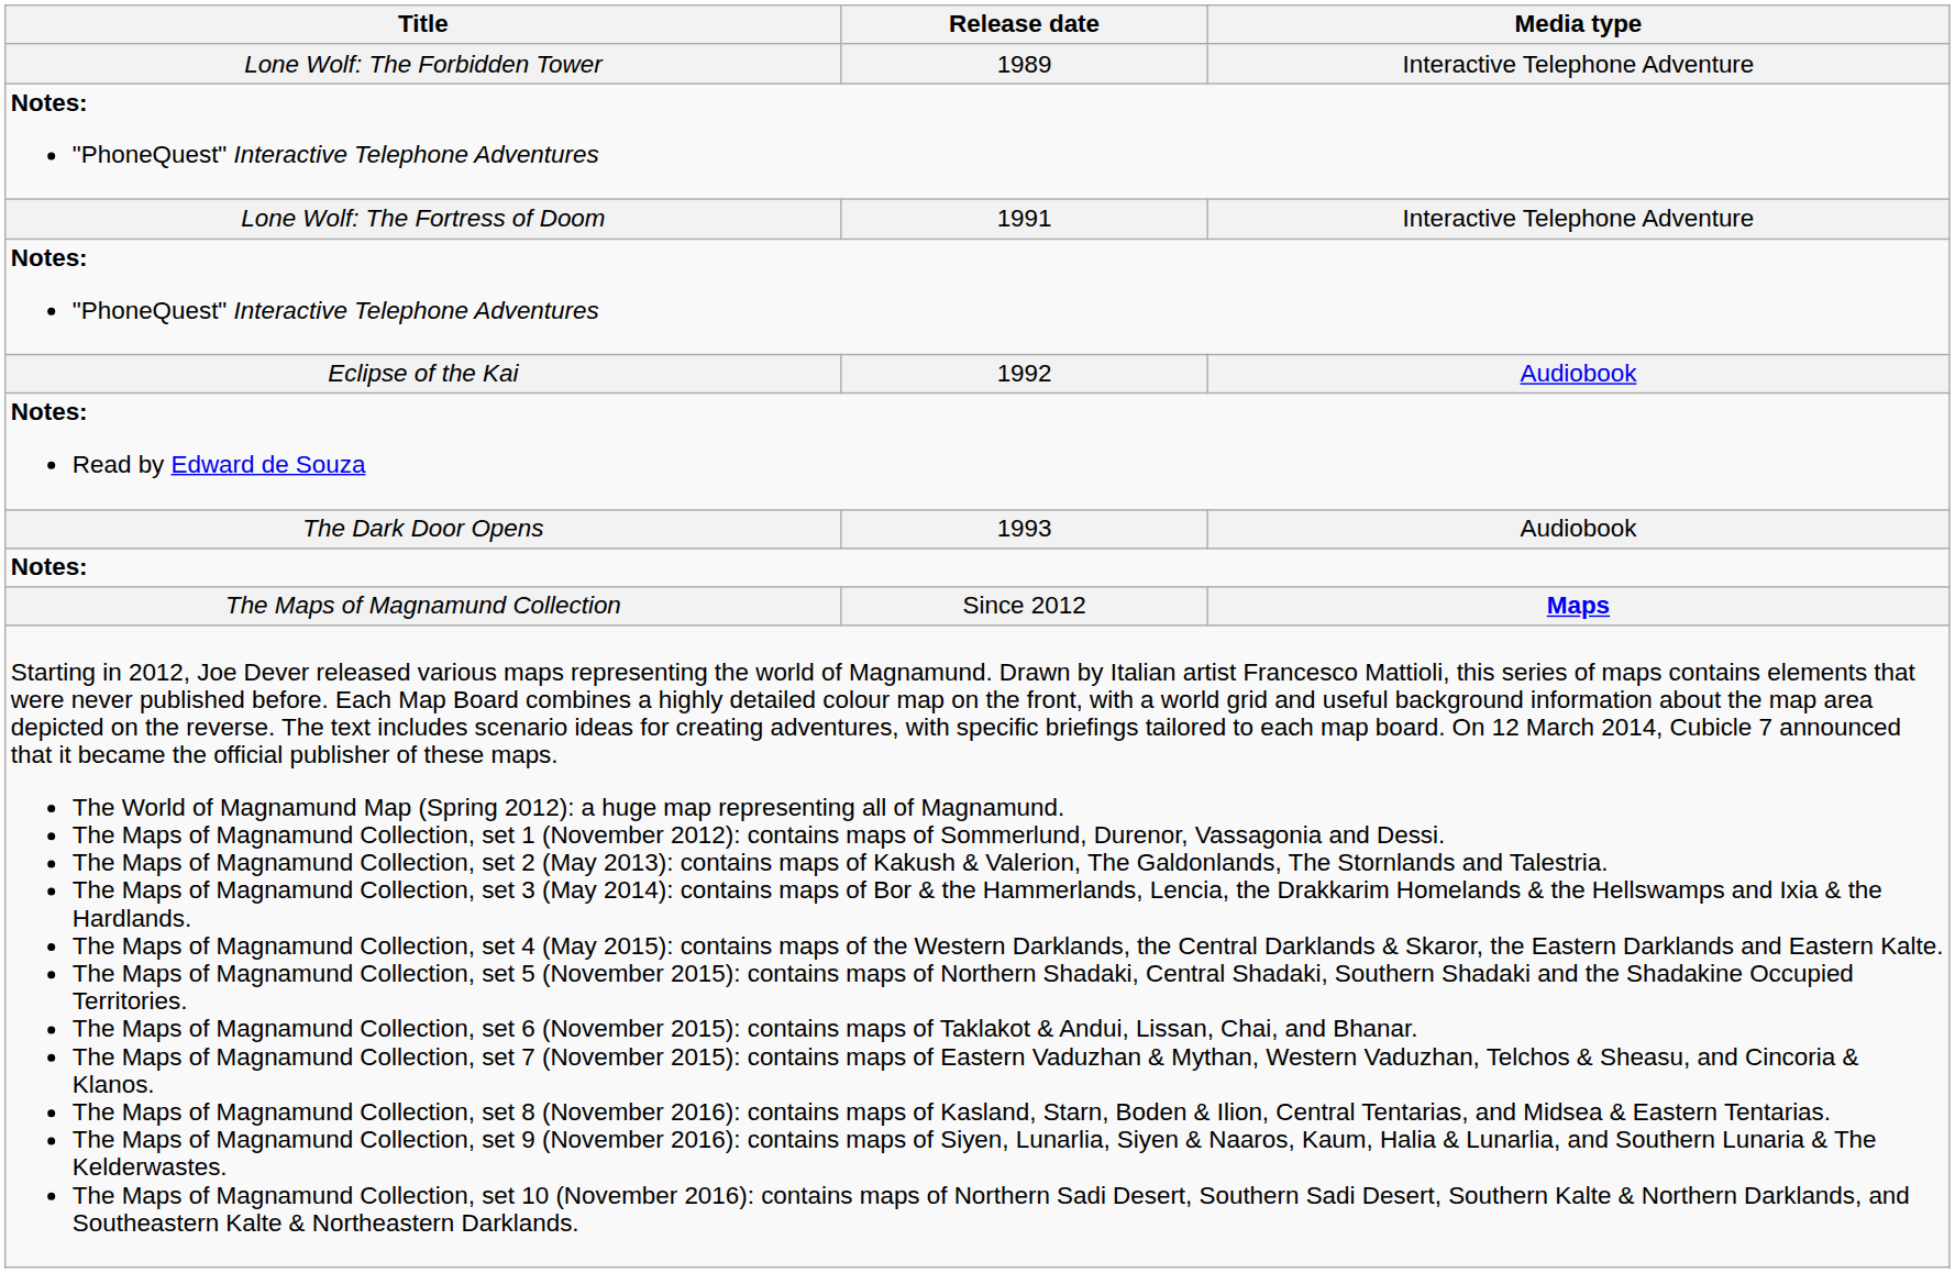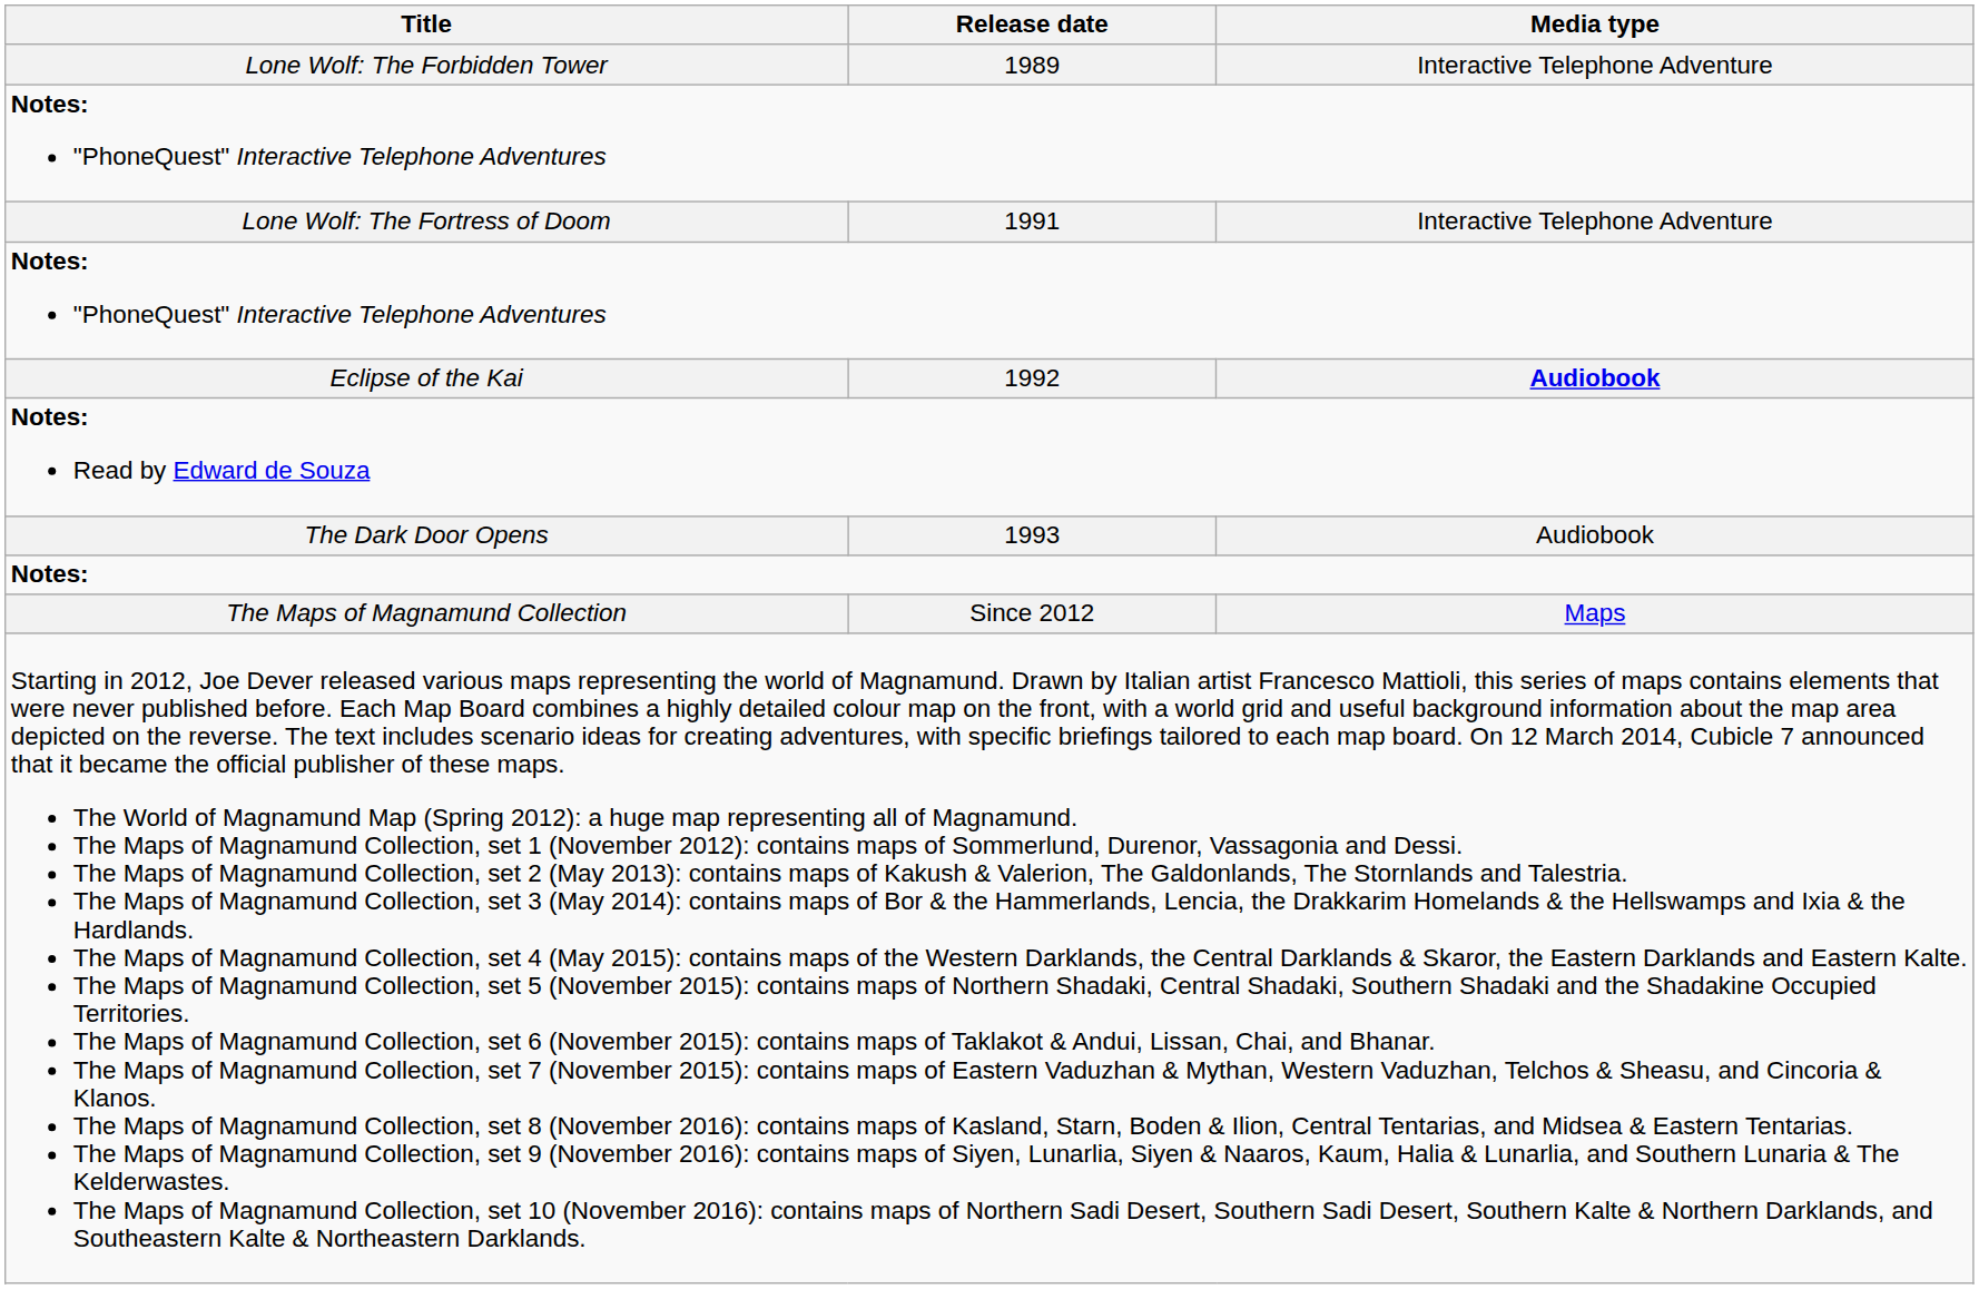 <table class="wikitable" width="100%">
 <tr style="text-align: center;">
 <th>Title</th>
 <th>Release date</th>
 <th>Media type</th>
 </tr>
 <tr bgcolor="#F2F2F2" align="center">
 <td><em>Lone Wolf: The Forbidden Tower</em></td>
 <td>1989</td>
 <td>Interactive Telephone Adventure</td>
 </tr>
 <tr>
 <td colspan="3" style="border: none; vertical-align: top;"><strong>Notes:</strong><br><ul><li>"PhoneQuest" <em>Interactive Telephone Adventures</em></li></ul></td>
 </tr>
 <tr bgcolor="#F2F2F2" align="center">
 <td><em>Lone Wolf: The Fortress of Doom</em></td>
 <td>1991</td>
 <td>Interactive Telephone Adventure</td>
 </tr>
 <tr>
 <td colspan="3" style="border: none; vertical-align: top;"><strong>Notes:</strong><br><ul><li>"PhoneQuest" <em>Interactive Telephone Adventures</em></li></ul></td>
 </tr>
 <tr bgcolor="#F2F2F2" align="center">
 <td><em>Eclipse of the Kai</em></td>
 <td>1992</td>
-<td><a href='#'>Audiobook</a></td>
+<td><strong><a href='#'>Audiobook</a></strong></td>
 </tr>
 <tr>
 <td colspan="3" style="border: none; vertical-align: top;"><strong>Notes:</strong><br><ul><li>Read by <a href='#'>Edward de Souza</a></li></ul></td>
 </tr>
 <tr bgcolor="#F2F2F2" align="center">
 <td><em>The Dark Door Opens</em></td>
 <td>1993</td>
 <td>Audiobook</td>
 </tr>
 <tr>
 <td colspan="3" style="border: none; vertical-align: top;"><strong>Notes:</strong></td>
 </tr>
 <tr bgcolor="#F2F2F2" align="center">
 </tr>
 <tr bgcolor="#F2F2F2" align="center">
 <td><em>The Maps of Magnamund Collection</em></td>
 <td>Since 2012</td>
-<td><strong><a href='#'>Maps</a></strong></td>
+<td><a href='#'>Maps</a></td>
 </tr>
 <tr>
 <td colspan="3" style="border: none; vertical-align: top;"><br>Starting in 2012, Joe Dever released various maps representing the world of Magnamund. Drawn by Italian artist Francesco Mattioli, this series of maps contains elements that were never published before. Each Map Board combines a highly detailed colour map on the front, with a world grid and useful background information about the map area depicted on the reverse. The text includes scenario ideas for creating adventures, with specific briefings tailored to each map board. On 12 March 2014, Cubicle 7 announced that it became the official publisher of these maps.<ul><li>The World of Magnamund Map (Spring 2012): a huge map representing all of Magnamund.</li><li>The Maps of Magnamund Collection, set 1 (November 2012): contains maps of Sommerlund, Durenor, Vassagonia and Dessi.</li><li>The Maps of Magnamund Collection, set 2 (May 2013): contains maps of Kakush & Valerion, The Galdonlands, The Stornlands and Talestria.</li><li>The Maps of Magnamund Collection, set 3 (May 2014): contains maps of Bor & the Hammerlands, Lencia, the Drakkarim Homelands & the Hellswamps and Ixia & the Hardlands.</li><li>The Maps of Magnamund Collection, set 4 (May 2015): contains maps of the Western Darklands, the Central Darklands & Skaror, the Eastern Darklands and Eastern Kalte.</li><li>The Maps of Magnamund Collection, set 5 (November 2015): contains maps of Northern Shadaki, Central Shadaki, Southern Shadaki and the Shadakine Occupied Territories.</li><li>The Maps of Magnamund Collection, set 6 (November 2015): contains maps of Taklakot & Andui, Lissan, Chai, and Bhanar.</li><li>The Maps of Magnamund Collection, set 7 (November 2015): contains maps of Eastern Vaduzhan & Mythan, Western Vaduzhan, Telchos & Sheasu, and Cincoria & Klanos.</li><li>The Maps of Magnamund Collection, set 8 (November 2016): contains maps of Kasland, Starn, Boden & Ilion, Central Tentarias, and Midsea & Eastern Tentarias.</li><li>The Maps of Magnamund Collection, set 9 (November 2016): contains maps of Siyen, Lunarlia, Siyen & Naaros, Kaum, Halia & Lunarlia, and Southern Lunaria & The Kelderwastes.</li><li>The Maps of Magnamund Collection, set 10 (November 2016): contains maps of Northern Sadi Desert, Southern Sadi Desert, Southern Kalte & Northern Darklands, and Southeastern Kalte & Northeastern Darklands.</li></ul></td>
 </tr>
 <tr bgcolor="#F2F2F2" align="center">
 </tr>
 </table>
